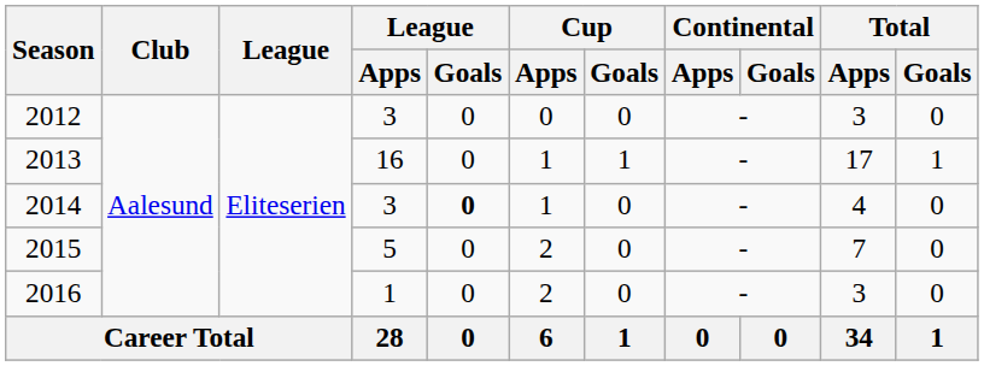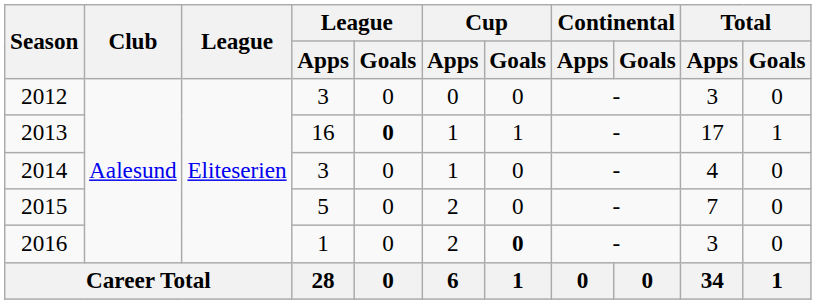 <table class="wikitable" style="text-align:center;">
 <tr>
 <th rowspan=2>Season</th>
 <th rowspan=2>Club</th>
 <th rowspan=2>League</th>
 <th colspan=2>League</th>
 <th colspan=2>Cup</th>
 <th colspan=2>Continental</th>
 <th colspan=2>Total</th>
 </tr>
 <tr>
 <th>Apps</th>
 <th>Goals</th>
 <th>Apps</th>
 <th>Goals</th>
 <th>Apps</th>
 <th>Goals</th>
 <th>Apps</th>
 <th>Goals</th>
 </tr>
 <tr>
 <td>2012</td>
 <td rowspan="5"><a href='#'>Aalesund</a></td>
 <td rowspan="5"><a href='#'>Eliteserien</a></td>
 <td>3</td>
 <td>0</td>
 <td>0</td>
 <td>0</td>
 <td colspan="2">-</td>
 <td>3</td>
 <td>0</td>
 </tr>
 <tr>
 <td>2013</td>
 <td>16</td>
-<td>0</td>
+<td><strong>0</strong></td>
 <td>1</td>
 <td>1</td>
 <td colspan="2">-</td>
 <td>17</td>
 <td>1</td>
 </tr>
 <tr>
 <td>2014</td>
 <td>3</td>
-<td><strong>0</strong></td>
+<td>0</td>
 <td>1</td>
 <td>0</td>
 <td colspan="2">-</td>
 <td>4</td>
 <td>0</td>
 </tr>
 <tr>
 <td>2015</td>
 <td>5</td>
 <td>0</td>
 <td>2</td>
 <td>0</td>
 <td colspan="2">-</td>
 <td>7</td>
 <td>0</td>
 </tr>
 <tr>
 <td>2016</td>
 <td>1</td>
 <td>0</td>
 <td>2</td>
-<td>0</td>
+<td><strong>0</strong></td>
 <td colspan="2">-</td>
 <td>3</td>
 <td>0</td>
 </tr>
 <tr>
 <th colspan="3">Career Total</th>
 <th>28</th>
 <th>0</th>
 <th>6</th>
 <th>1</th>
 <th>0</th>
 <th>0</th>
 <th>34</th>
 <th>1</th>
 </tr>
 </table>
